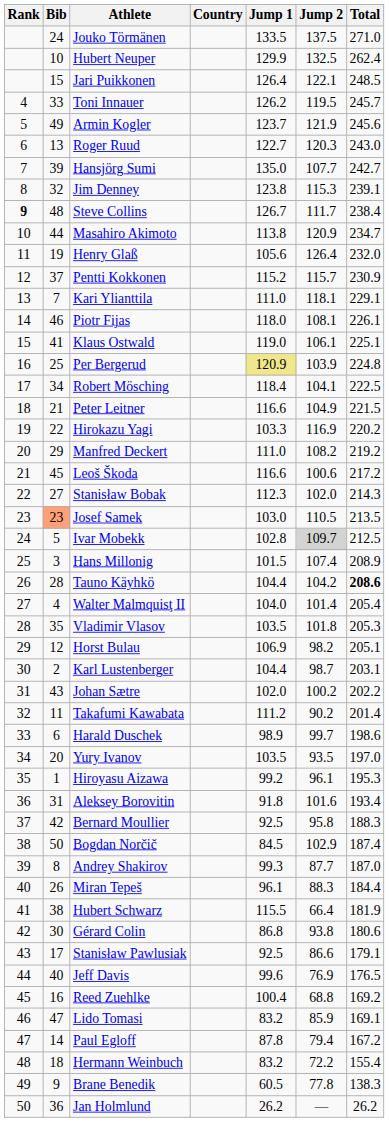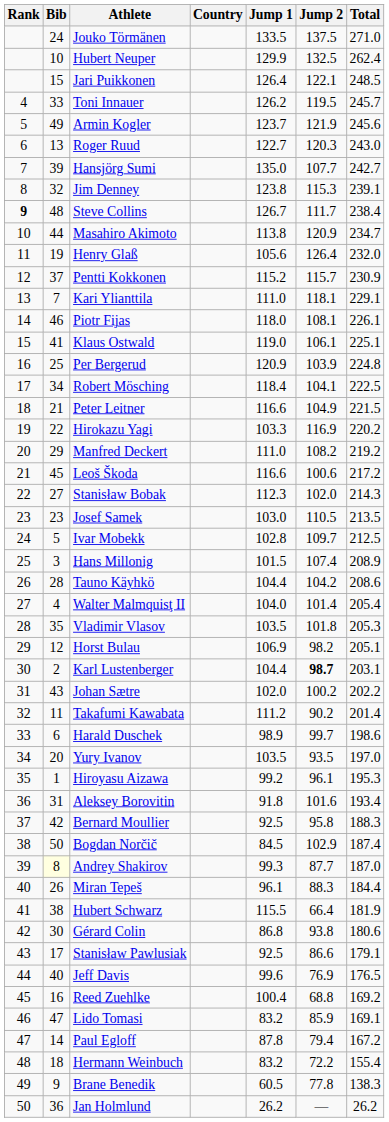 <table class="wikitable sortable" style="text-align:center">
 <tr>
 <th>Rank</th>
 <th>Bib</th>
 <th>Athlete</th>
 <th>Country</th>
 <th>Jump 1</th>
 <th>Jump 2</th>
 <th>Total</th>
 </tr>
 <tr>
 <td></td>
 <td>24</td>
 <td align=left><a href='#'>Jouko Törmänen</a></td>
 <td align=left></td>
 <td>133.5</td>
 <td>137.5</td>
 <td>271.0</td>
 </tr>
 <tr>
 <td></td>
 <td>10</td>
 <td align=left><a href='#'>Hubert Neuper</a></td>
 <td align=left></td>
 <td>129.9</td>
 <td>132.5</td>
 <td>262.4</td>
 </tr>
 <tr>
 <td></td>
 <td>15</td>
 <td align=left><a href='#'>Jari Puikkonen</a></td>
 <td align=left></td>
 <td>126.4</td>
 <td>122.1</td>
 <td>248.5</td>
 </tr>
 <tr>
 <td>4</td>
 <td>33</td>
 <td align=left><a href='#'>Toni Innauer</a></td>
 <td align=left></td>
 <td>126.2</td>
 <td>119.5</td>
 <td>245.7</td>
 </tr>
 <tr>
 <td>5</td>
 <td>49</td>
 <td align=left><a href='#'>Armin Kogler</a></td>
 <td align=left></td>
 <td>123.7</td>
 <td>121.9</td>
 <td>245.6</td>
 </tr>
 <tr>
 <td>6</td>
 <td>13</td>
 <td align=left><a href='#'>Roger Ruud</a></td>
 <td align=left></td>
 <td>122.7</td>
 <td>120.3</td>
 <td>243.0</td>
 </tr>
 <tr>
 <td>7</td>
 <td>39</td>
 <td align=left><a href='#'>Hansjörg Sumi</a></td>
 <td align=left></td>
 <td>135.0</td>
 <td>107.7</td>
 <td>242.7</td>
 </tr>
 <tr>
 <td>8</td>
 <td>32</td>
 <td align=left><a href='#'>Jim Denney</a></td>
 <td align=left></td>
 <td>123.8</td>
 <td>115.3</td>
 <td>239.1</td>
 </tr>
 <tr>
 <td><strong>9</strong></td>
 <td>48</td>
 <td align=left><a href='#'>Steve Collins</a></td>
 <td align=left></td>
 <td>126.7</td>
 <td>111.7</td>
 <td>238.4</td>
 </tr>
 <tr>
 <td>10</td>
 <td>44</td>
 <td align=left><a href='#'>Masahiro Akimoto</a></td>
 <td align=left></td>
 <td>113.8</td>
 <td>120.9</td>
 <td>234.7</td>
 </tr>
 <tr>
 <td>11</td>
 <td>19</td>
 <td align=left><a href='#'>Henry Glaß</a></td>
 <td align=left></td>
 <td>105.6</td>
 <td>126.4</td>
 <td>232.0</td>
 </tr>
 <tr>
 <td>12</td>
 <td>37</td>
 <td align=left><a href='#'>Pentti Kokkonen</a></td>
 <td align=left></td>
 <td>115.2</td>
 <td>115.7</td>
 <td>230.9</td>
 </tr>
 <tr>
 <td>13</td>
 <td>7</td>
 <td align=left><a href='#'>Kari Ylianttila</a></td>
 <td align=left></td>
 <td>111.0</td>
 <td>118.1</td>
 <td>229.1</td>
 </tr>
 <tr>
 <td>14</td>
 <td>46</td>
 <td align=left><a href='#'>Piotr Fijas</a></td>
 <td align=left></td>
 <td>118.0</td>
 <td>108.1</td>
 <td>226.1</td>
 </tr>
 <tr>
 <td>15</td>
 <td>41</td>
 <td align=left><a href='#'>Klaus Ostwald</a></td>
 <td align=left></td>
 <td>119.0</td>
 <td>106.1</td>
 <td>225.1</td>
 </tr>
 <tr>
 <td>16</td>
 <td>25</td>
 <td align=left><a href='#'>Per Bergerud</a></td>
 <td align=left></td>
-<td style="background: khaki;">120.9</td>
+<td>120.9</td>
 <td>103.9</td>
 <td>224.8</td>
 </tr>
 <tr>
 <td>17</td>
 <td>34</td>
 <td align=left><a href='#'>Robert Mösching</a></td>
 <td align=left></td>
 <td>118.4</td>
 <td>104.1</td>
 <td>222.5</td>
 </tr>
 <tr>
 <td>18</td>
 <td>21</td>
 <td align=left><a href='#'>Peter Leitner</a></td>
 <td align=left></td>
 <td>116.6</td>
 <td>104.9</td>
 <td>221.5</td>
 </tr>
 <tr>
 <td>19</td>
 <td>22</td>
 <td align=left><a href='#'>Hirokazu Yagi</a></td>
 <td align=left></td>
 <td>103.3</td>
 <td>116.9</td>
 <td>220.2</td>
 </tr>
 <tr>
 <td>20</td>
 <td>29</td>
 <td align=left><a href='#'>Manfred Deckert</a></td>
 <td align=left></td>
 <td>111.0</td>
 <td>108.2</td>
 <td>219.2</td>
 </tr>
 <tr>
 <td>21</td>
 <td>45</td>
 <td align=left><a href='#'>Leoš Škoda</a></td>
 <td align=left></td>
 <td>116.6</td>
 <td>100.6</td>
 <td>217.2</td>
 </tr>
 <tr>
 <td>22</td>
 <td>27</td>
 <td align=left><a href='#'>Stanisław Bobak</a></td>
 <td align=left></td>
 <td>112.3</td>
 <td>102.0</td>
 <td>214.3</td>
 </tr>
 <tr>
 <td>23</td>
-<td style="background: lightsalmon;">23</td>
+<td>23</td>
 <td align=left><a href='#'>Josef Samek</a></td>
 <td align=left></td>
 <td>103.0</td>
 <td>110.5</td>
 <td>213.5</td>
 </tr>
 <tr>
 <td>24</td>
 <td>5</td>
 <td align=left><a href='#'>Ivar Mobekk</a></td>
 <td align=left></td>
 <td>102.8</td>
-<td style="background: lightgrey;">109.7</td>
+<td>109.7</td>
 <td>212.5</td>
 </tr>
 <tr>
 <td>25</td>
 <td>3</td>
 <td align=left><a href='#'>Hans Millonig</a></td>
 <td align=left></td>
 <td>101.5</td>
 <td>107.4</td>
 <td>208.9</td>
 </tr>
 <tr>
 <td>26</td>
 <td>28</td>
 <td align=left><a href='#'>Tauno Käyhkö</a></td>
 <td align=left></td>
 <td>104.4</td>
 <td>104.2</td>
-<td><strong>208.6</strong></td>
+<td>208.6</td>
 </tr>
 <tr>
 <td>27</td>
 <td>4</td>
 <td align=left><a href='#'>Walter Malmquisţ II</a></td>
 <td align=left></td>
 <td>104.0</td>
 <td>101.4</td>
 <td>205.4</td>
 </tr>
 <tr>
 <td>28</td>
 <td>35</td>
 <td align=left><a href='#'>Vladimir Vlasov</a></td>
 <td align=left></td>
 <td>103.5</td>
 <td>101.8</td>
 <td>205.3</td>
 </tr>
 <tr>
 <td>29</td>
 <td>12</td>
 <td align=left><a href='#'>Horst Bulau</a></td>
 <td align=left></td>
 <td>106.9</td>
 <td>98.2</td>
 <td>205.1</td>
 </tr>
 <tr>
 <td>30</td>
 <td>2</td>
 <td align=left><a href='#'>Karl Lustenberger</a></td>
 <td align=left></td>
 <td>104.4</td>
-<td>98.7</td>
+<td><strong>98.7</strong></td>
 <td>203.1</td>
 </tr>
 <tr>
 <td>31</td>
 <td>43</td>
 <td align=left><a href='#'>Johan Sætre</a></td>
 <td align=left></td>
 <td>102.0</td>
 <td>100.2</td>
 <td>202.2</td>
 </tr>
 <tr>
 <td>32</td>
 <td>11</td>
 <td align=left><a href='#'>Takafumi Kawabata</a></td>
 <td align=left></td>
 <td>111.2</td>
 <td>90.2</td>
 <td>201.4</td>
 </tr>
 <tr>
 <td>33</td>
 <td>6</td>
 <td align=left><a href='#'>Harald Duschek</a></td>
 <td align=left></td>
 <td>98.9</td>
 <td>99.7</td>
 <td>198.6</td>
 </tr>
 <tr>
 <td>34</td>
 <td>20</td>
 <td align=left><a href='#'>Yury Ivanov</a></td>
 <td align=left></td>
 <td>103.5</td>
 <td>93.5</td>
 <td>197.0</td>
 </tr>
 <tr>
 <td>35</td>
 <td>1</td>
 <td align=left><a href='#'>Hiroyasu Aizawa</a></td>
 <td align=left></td>
 <td>99.2</td>
 <td>96.1</td>
 <td>195.3</td>
 </tr>
 <tr>
 <td>36</td>
 <td>31</td>
 <td align=left><a href='#'>Aleksey Borovitin</a></td>
 <td align=left></td>
 <td>91.8</td>
 <td>101.6</td>
 <td>193.4</td>
 </tr>
 <tr>
 <td>37</td>
 <td>42</td>
 <td align=left><a href='#'>Bernard Moullier</a></td>
 <td align=left></td>
 <td>92.5</td>
 <td>95.8</td>
 <td>188.3</td>
 </tr>
 <tr>
 <td>38</td>
 <td>50</td>
 <td align=left><a href='#'>Bogdan Norčič</a></td>
 <td align=left></td>
 <td>84.5</td>
 <td>102.9</td>
 <td>187.4</td>
 </tr>
 <tr>
 <td>39</td>
-<td>8</td>
+<td style="background: lightyellow;">8</td>
 <td align=left><a href='#'>Andrey Shakirov</a></td>
 <td align=left></td>
 <td>99.3</td>
 <td>87.7</td>
 <td>187.0</td>
 </tr>
 <tr>
 <td>40</td>
 <td>26</td>
 <td align=left><a href='#'>Miran Tepeš</a></td>
 <td align=left></td>
 <td>96.1</td>
 <td>88.3</td>
 <td>184.4</td>
 </tr>
 <tr>
 <td>41</td>
 <td>38</td>
 <td align=left><a href='#'>Hubert Schwarz</a></td>
 <td align=left></td>
 <td>115.5</td>
 <td>66.4</td>
 <td>181.9</td>
 </tr>
 <tr>
 <td>42</td>
 <td>30</td>
 <td align=left><a href='#'>Gérard Colin</a></td>
 <td align=left></td>
 <td>86.8</td>
 <td>93.8</td>
 <td>180.6</td>
 </tr>
 <tr>
 <td>43</td>
 <td>17</td>
 <td align=left><a href='#'>Stanisław Pawlusiak</a></td>
 <td align=left></td>
 <td>92.5</td>
 <td>86.6</td>
 <td>179.1</td>
 </tr>
 <tr>
 <td>44</td>
 <td>40</td>
 <td align=left><a href='#'>Jeff Davis</a></td>
 <td align=left></td>
 <td>99.6</td>
 <td>76.9</td>
 <td>176.5</td>
 </tr>
 <tr>
 <td>45</td>
 <td>16</td>
 <td align=left><a href='#'>Reed Zuehlke</a></td>
 <td align=left></td>
 <td>100.4</td>
 <td>68.8</td>
 <td>169.2</td>
 </tr>
 <tr>
 <td>46</td>
 <td>47</td>
 <td align=left><a href='#'>Lido Tomasi</a></td>
 <td align=left></td>
 <td>83.2</td>
 <td>85.9</td>
 <td>169.1</td>
 </tr>
 <tr>
 <td>47</td>
 <td>14</td>
 <td align=left><a href='#'>Paul Egloff</a></td>
 <td align=left></td>
 <td>87.8</td>
 <td>79.4</td>
 <td>167.2</td>
 </tr>
 <tr>
 <td>48</td>
 <td>18</td>
 <td align=left><a href='#'>Hermann Weinbuch</a></td>
 <td align=left></td>
 <td>83.2</td>
 <td>72.2</td>
 <td>155.4</td>
 </tr>
 <tr>
 <td>49</td>
 <td>9</td>
 <td align=left><a href='#'>Brane Benedik</a></td>
 <td align=left></td>
 <td>60.5</td>
 <td>77.8</td>
 <td>138.3</td>
 </tr>
 <tr>
 <td>50</td>
 <td>36</td>
 <td align=left><a href='#'>Jan Holmlund</a></td>
 <td align=left></td>
 <td>26.2</td>
 <td>—</td>
 <td>26.2</td>
 </tr>
 </table>
